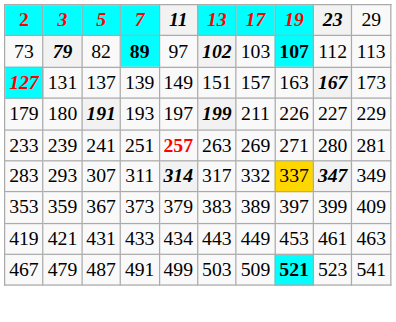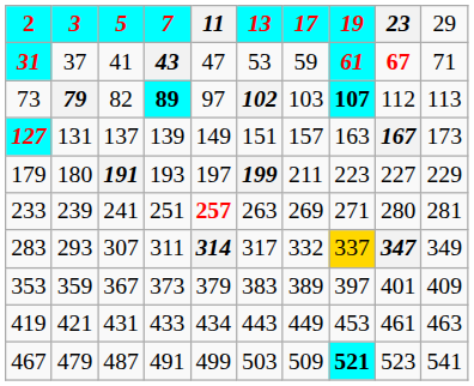 <table class="wikitable">
 <tr>
 <th style="color:#ff0000;background:#00ffff">2</th>
 <th style="color:#ff0000;background:#00ffff"><em>3</em></th>
 <th style="color:#ff0000;background:#00ffff"><em>5</em></th>
 <th style="color:#ff0000;background:#00ffff"><em>7</em></th>
 <th style="text-align: center;"><em>11</em></th>
 <th style="color:#ff0000;background:#00ffff"><em>13</em></th>
 <th style="color:#ff0000;background:#00ffff"><em>17</em></th>
 <th style="color:#ff0000;background:#00ffff"><em>19</em></th>
 <th style="text-align: center;"><em>23</em></th>
 <td style="text-align: center;">29</td>
+</tr>
+<tr>
+<th style="color:#ff0000;background:#00ffff"><em>31</em></th>
+<td style="text-align: center;">37</td>
+<td style="text-align: center;">41</td>
+<th style="text-align: center;"><em>43</em></th>
+<td style="text-align: center;">47</td>
+<td style="text-align: center;">53</td>
+<td style="text-align: center;">59</td>
+<th style="color:#ff0000;background:#00ffff"><em>61</em></th>
+<td style="text-align: center;color:#ff0000;"><strong>67</strong></td>
+<td style="text-align: center;">71</td>
 </tr>
 <tr>
 <td style="text-align: center;">73</td>
 <th style="text-align: center;"><em>79</em></th>
 <td style="text-align: center;">82</td>
 <th style="background:#00ffff">89</th>
 <td style="text-align: center;">97</td>
 <th style="text-align: center;"><em>102</em></th>
 <td style="text-align: center;">103</td>
 <th style="background:#00ffff">107</th>
 <td style="text-align: center;">112</td>
 <td style="text-align: center;">113</td>
 </tr>
 <tr>
 <th style="color:#ff0000;background:#00ffff"><em>127</em></th>
 <td style="text-align: center;">131</td>
 <td style="text-align: center;">137</td>
 <td style="text-align: center;">139</td>
 <td style="text-align: center;">149</td>
 <td style="text-align: center;">151</td>
 <td style="text-align: center;">157</td>
 <td style="text-align: center;">163</td>
 <th style="text-align: center;"><em>167</em></th>
 <td style="text-align: center;">173</td>
 </tr>
 <tr>
 <td style="text-align: center;">179</td>
 <td style="text-align: center;">180</td>
 <th style="text-align: center;"><em>191</em></th>
 <td style="text-align: center;">193</td>
 <td style="text-align: center;">197</td>
 <th style="text-align: center;"><em>199</em></th>
 <td style="text-align: center;">211</td>
-<td style="text-align: center;">226</td>
+<td style="text-align: center;">223</td>
 <td style="text-align: center;">227</td>
 <td style="text-align: center;">229</td>
 </tr>
 <tr>
 <td style="text-align: center;">233</td>
 <td style="text-align: center;">239</td>
 <td style="text-align: center;">241</td>
 <td style="text-align: center;">251</td>
 <td style="color:#ff0000;text-align: center;"><strong>257</strong></td>
 <td style="text-align: center;">263</td>
 <td style="text-align: center;">269</td>
 <td style="text-align: center;">271</td>
 <td style="text-align: center;">280</td>
 <td style="text-align: center;">281</td>
 </tr>
 <tr>
 <td style="text-align: center;">283</td>
 <td style="text-align: center;">293</td>
 <td style="text-align: center;">307</td>
 <td style="text-align: center;">311</td>
 <th style="text-align: center;"><em>314</em></th>
 <td style="text-align: center;">317</td>
 <td style="text-align: center;">332</td>
 <td style="background: gold; text-align: center;">337</td>
 <th style="text-align: center;"><em>347</em></th>
 <td style="text-align: center;">349</td>
 </tr>
 <tr>
 <td style="text-align: center;">353</td>
 <td style="text-align: center;">359</td>
 <td style="text-align: center;">367</td>
 <td style="text-align: center;">373</td>
 <td style="text-align: center;">379</td>
 <td style="text-align: center;">383</td>
 <td style="text-align: center;">389</td>
 <td style="text-align: center;">397</td>
-<td style="text-align: center;">399</td>
+<td style="text-align: center;">401</td>
 <td style="text-align: center;">409</td>
 </tr>
 <tr>
 <td style="text-align: center;">419</td>
 <td style="text-align: center;">421</td>
 <td style="text-align: center;">431</td>
 <td style="text-align: center;">433</td>
 <td style="text-align: center;">434</td>
 <td style="text-align: center;">443</td>
 <td style="text-align: center;">449</td>
 <td style="text-align: center;">453</td>
 <td style="text-align: center;">461</td>
 <td style="text-align: center;">463</td>
 </tr>
 <tr>
 <td style="text-align: center;">467</td>
 <td style="text-align: center;">479</td>
 <td style="text-align: center;">487</td>
 <td style="text-align: center;">491</td>
 <td style="text-align: center;">499</td>
 <td style="text-align: center;">503</td>
 <td style="text-align: center;">509</td>
 <th style="background:#00ffff">521</th>
 <td style="text-align: center;">523</td>
 <td style="text-align: center;">541</td>
 </tr>
 </table>
